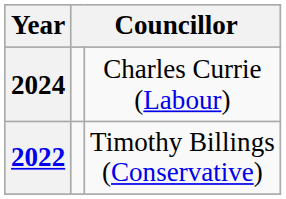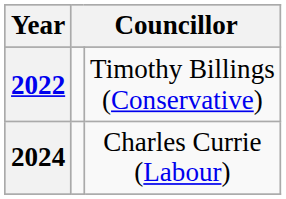 <table class="wikitable" style="text-align:center">
 <tr>
 <th>Year</th>
 <th colspan=2>Councillor</th>
 </tr>
 <tr>
+<th><a href='#'>2022</a></th>
+<td style="background-color: "></td>
+<td>Timothy Billings<br>(<a href='#'>Conservative</a>)</td>
+</tr>
+<tr>
 <th>2024</th>
 <td style="background-color: "></td>
 <td>Charles Currie<br>(<a href='#'>Labour</a>)</td>
 </tr>
-<tr>
-<th><a href='#'>2022</a></th>
-<td style="background-color: "></td>
-<td>Timothy Billings<br>(<a href='#'>Conservative</a>)</td>
-</tr>
 </table>
